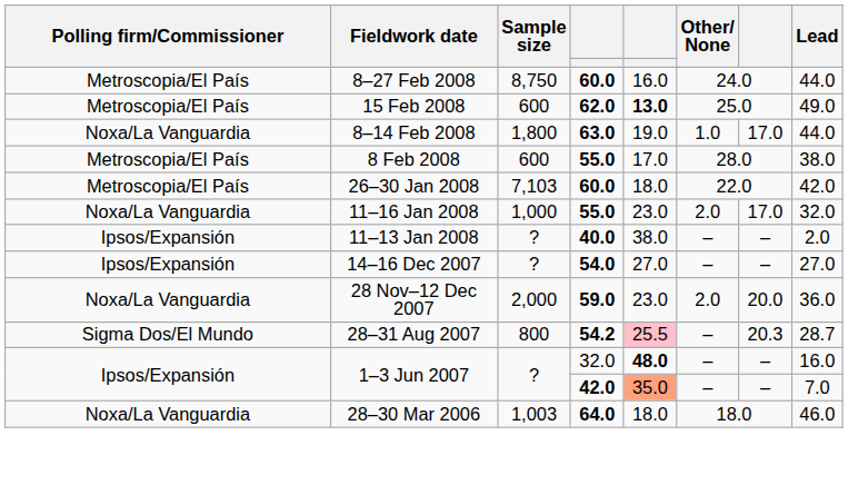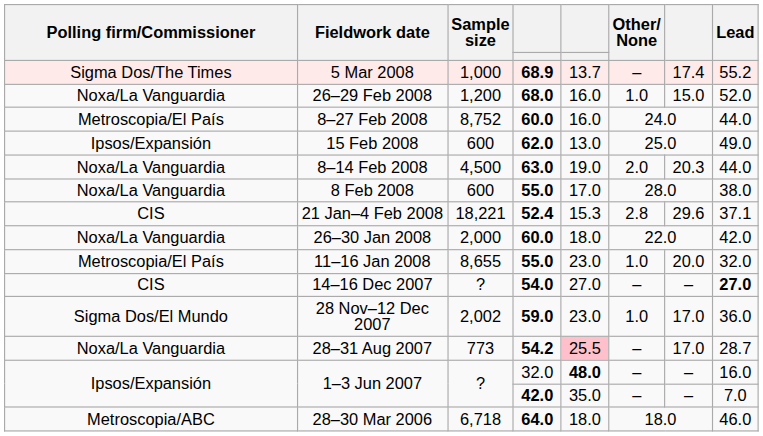 <table class="wikitable collapsible collapsed" style="text-align:center; font-size:90%; line-height:14px;">
 <tr style="height:42px;">
 <th style="width:250px;" rowspan="2">Polling firm/Commissioner</th>
 <th style="width:125px;" rowspan="2">Fieldwork date</th>
 <th style="width:50px;" rowspan="2">Sample size</th>
 <th style="width:35px;"></th>
 <th style="width:35px;"></th>
 <th style="width:35px;" rowspan="2">Other/<br>None</th>
 <th style="width:35px;" rowspan="2"></th>
 <th style="width:30px;" rowspan="2">Lead</th>
 </tr>
 <tr>
 <th style="color:inherit;background:"></th>
 <th style="color:inherit;background:"></th>
 </tr>
+<tr style="background:#FFEAEA;">
+<td>Sigma Dos/The Times</td>
+<td>5 Mar 2008</td>
+<td>1,000</td>
+<td><strong>68.9</strong></td>
+<td>13.7</td>
+<td>–</td>
+<td>17.4</td>
+<td style="background:">55.2</td>
+</tr>
+<tr>
+<td>Noxa/La Vanguardia</td>
+<td>26–29 Feb 2008</td>
+<td>1,200</td>
+<td><strong>68.0</strong></td>
+<td>16.0</td>
+<td>1.0</td>
+<td>15.0</td>
+<td style="background:">52.0</td>
+</tr>
 <tr>
 <td>Metroscopia/El País</td>
 <td>8–27 Feb 2008</td>
-<td>8,750</td>
+<td>8,752</td>
 <td><strong>60.0</strong></td>
 <td>16.0</td>
 <td colspan="2">24.0</td>
 <td style="background:">44.0</td>
 </tr>
 <tr>
-<td>Metroscopia/El País</td>
+<td>Ipsos/Expansión</td>
 <td>15 Feb 2008</td>
 <td>600</td>
 <td><strong>62.0</strong></td>
-<td><strong>13.0</strong></td>
+<td>13.0</td>
 <td colspan="2">25.0</td>
 <td style="background:">49.0</td>
 </tr>
 <tr>
 <td>Noxa/La Vanguardia</td>
 <td>8–14 Feb 2008</td>
-<td>1,800</td>
+<td>4,500</td>
 <td><strong>63.0</strong></td>
 <td>19.0</td>
-<td>1.0</td>
-<td>17.0</td>
+<td>2.0</td>
+<td>20.3</td>
 <td style="background:">44.0</td>
 </tr>
 <tr>
-<td>Metroscopia/El País</td>
+<td>Noxa/La Vanguardia</td>
 <td>8 Feb 2008</td>
 <td>600</td>
 <td><strong>55.0</strong></td>
 <td>17.0</td>
 <td colspan="2">28.0</td>
 <td style="background:">38.0</td>
 </tr>
 <tr>
-<td>Metroscopia/El País</td>
+<td>CIS</td>
+<td>21 Jan–4 Feb 2008</td>
+<td>18,221</td>
+<td><strong>52.4</strong></td>
+<td>15.3</td>
+<td>2.8</td>
+<td>29.6</td>
+<td style="background:">37.1</td>
+</tr>
+<tr>
+<td>Noxa/La Vanguardia</td>
 <td>26–30 Jan 2008</td>
-<td>7,103</td>
+<td>2,000</td>
 <td><strong>60.0</strong></td>
 <td>18.0</td>
 <td colspan="2">22.0</td>
 <td style="background:">42.0</td>
 </tr>
 <tr>
-<td>Noxa/La Vanguardia</td>
+<td>Metroscopia/El País</td>
 <td>11–16 Jan 2008</td>
-<td>1,000</td>
+<td>8,655</td>
 <td><strong>55.0</strong></td>
 <td>23.0</td>
-<td>2.0</td>
-<td>17.0</td>
+<td>1.0</td>
+<td>20.0</td>
 <td style="background:">32.0</td>
 </tr>
 <tr>
-<td>Ipsos/Expansión</td>
-<td>11–13 Jan 2008</td>
-<td>?</td>
-<td><strong>40.0</strong></td>
-<td>38.0</td>
-<td>–</td>
-<td>–</td>
-<td style="background:">2.0</td>
-</tr>
-<tr>
-<td>Ipsos/Expansión</td>
+<td>CIS</td>
 <td>14–16 Dec 2007</td>
 <td>?</td>
 <td><strong>54.0</strong></td>
 <td>27.0</td>
 <td>–</td>
 <td>–</td>
-<td style="background:">27.0</td>
+<td style="background:"><strong>27.0</strong></td>
+</tr>
+<tr>
+<td>Sigma Dos/El Mundo</td>
+<td>28 Nov–12 Dec 2007</td>
+<td>2,002</td>
+<td><strong>59.0</strong></td>
+<td>23.0</td>
+<td>1.0</td>
+<td>17.0</td>
+<td style="background:">36.0</td>
 </tr>
 <tr>
 <td>Noxa/La Vanguardia</td>
-<td>28 Nov–12 Dec 2007</td>
-<td>2,000</td>
-<td><strong>59.0</strong></td>
-<td>23.0</td>
-<td>2.0</td>
-<td>20.0</td>
-<td style="background:">36.0</td>
-</tr>
-<tr>
-<td>Sigma Dos/El Mundo</td>
 <td>28–31 Aug 2007</td>
-<td>800</td>
+<td>773</td>
 <td><strong>54.2</strong></td>
 <td style="background: pink;">25.5</td>
 <td>–</td>
-<td>20.3</td>
+<td>17.0</td>
 <td style="background:">28.7</td>
 </tr>
 <tr>
 <td rowspan="2">Ipsos/Expansión</td>
 <td rowspan="2">1–3 Jun 2007</td>
 <td rowspan="2">?</td>
 <td>32.0</td>
 <td><strong>48.0</strong></td>
 <td>–</td>
 <td>–</td>
 <td style="background:">16.0</td>
 </tr>
 <tr>
 <td><strong>42.0</strong></td>
-<td style="background: lightsalmon;">35.0</td>
+<td>35.0</td>
 <td>–</td>
 <td>–</td>
 <td style="background:">7.0</td>
 </tr>
 <tr>
-<td>Noxa/La Vanguardia</td>
+<td>Metroscopia/ABC</td>
 <td>28–30 Mar 2006</td>
-<td>1,003</td>
+<td>6,718</td>
 <td><strong>64.0</strong></td>
 <td>18.0</td>
 <td colspan="2">18.0</td>
 <td style="background:">46.0</td>
 </tr>
 </table>
